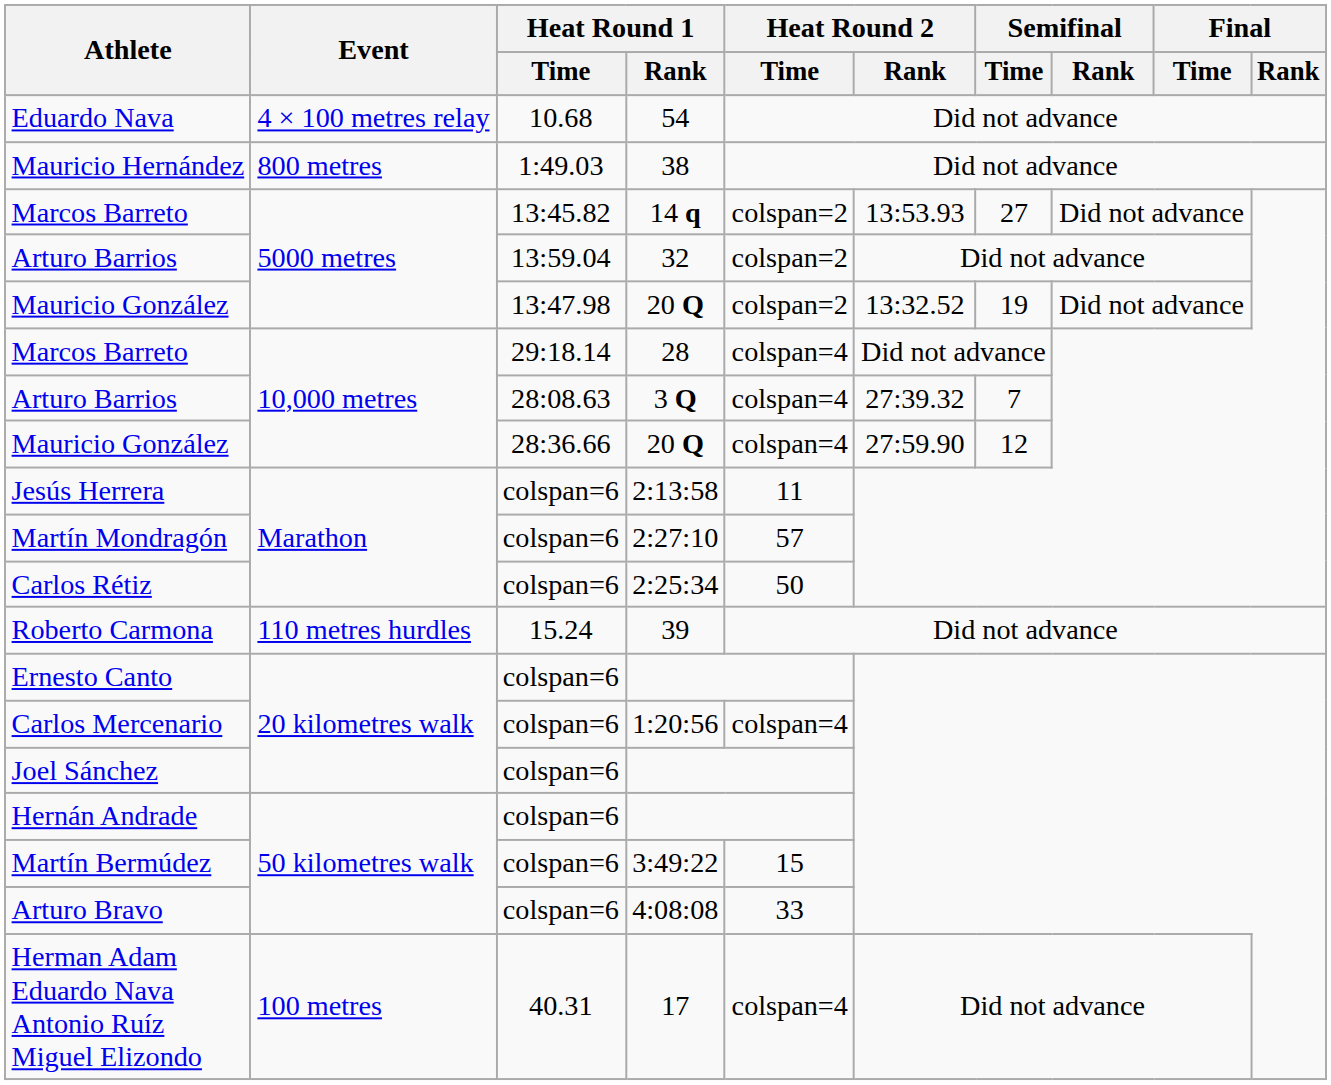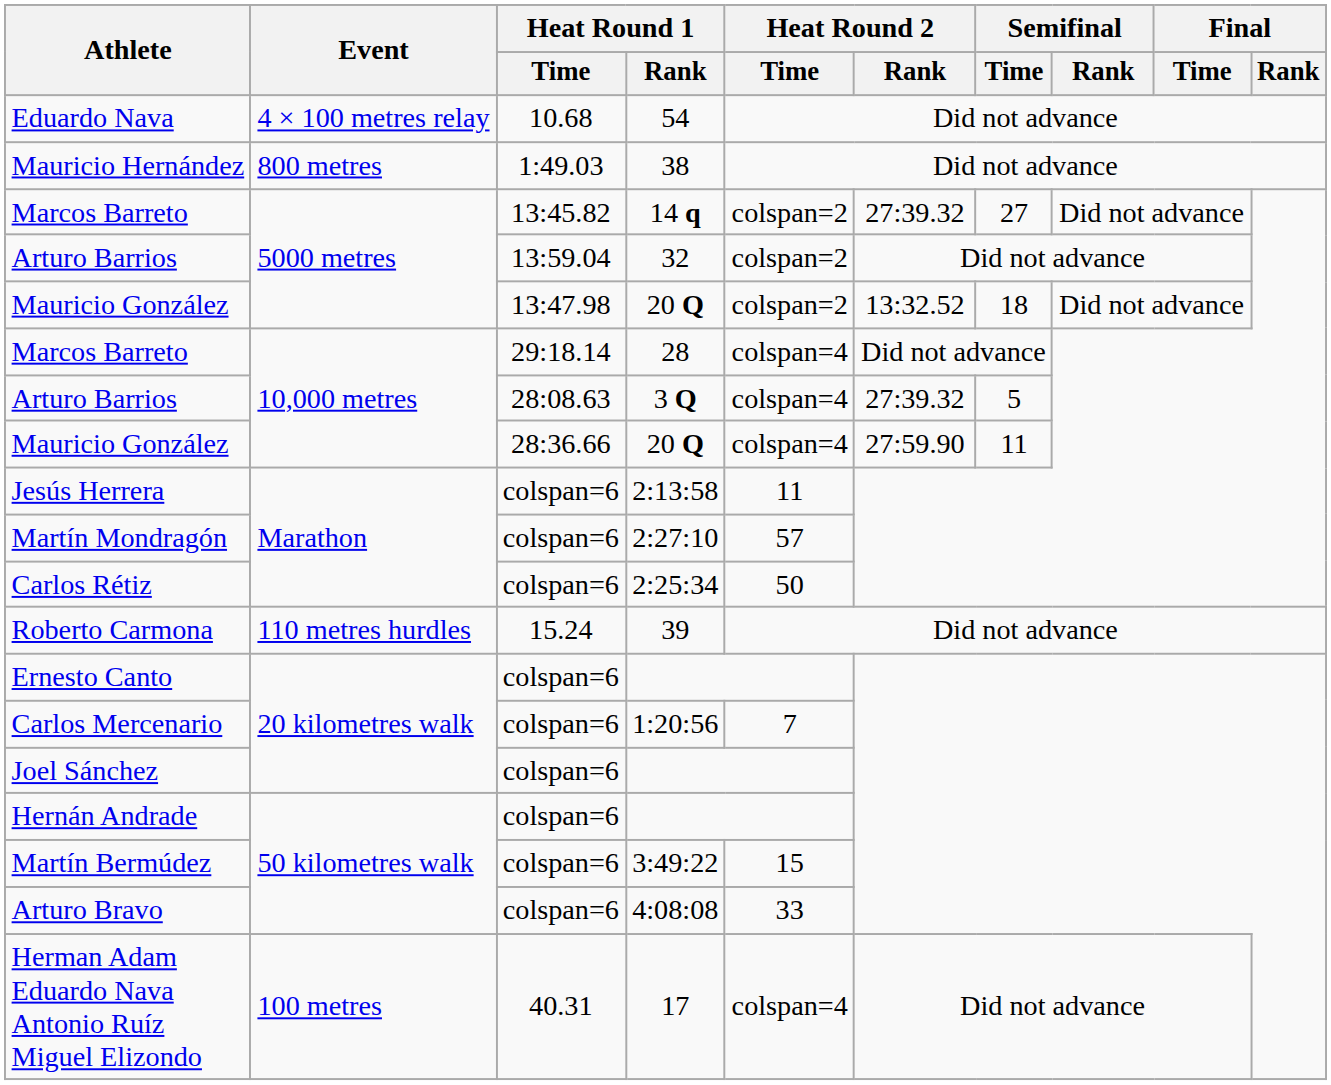 <table class=wikitable style="font-size:90%; text-align:center">
 <tr>
 <th rowspan=2>Athlete</th>
 <th rowspan=2>Event</th>
 <th colspan=2>Heat Round 1</th>
 <th colspan=2>Heat Round 2</th>
 <th colspan=2>Semifinal</th>
 <th colspan=2>Final</th>
 </tr>
 <tr style=font-size:95%>
 <th>Time</th>
 <th>Rank</th>
 <th>Time</th>
 <th>Rank</th>
 <th>Time</th>
 <th>Rank</th>
 <th>Time</th>
 <th>Rank</th>
 </tr>
 <tr align=center>
 <td align=left><a href='#'>Eduardo Nava</a></td>
 <td align=left><a href='#'>4 × 100 metres relay</a></td>
 <td>10.68</td>
 <td>54</td>
 <td colspan=6>Did not advance</td>
 </tr>
 <tr align=center>
 <td align=left><a href='#'>Mauricio Hernández</a></td>
 <td align=left><a href='#'>800 metres</a></td>
 <td>1:49.03</td>
 <td>38</td>
 <td colspan=6>Did not advance</td>
 </tr>
 <tr align=center>
 <td align=left><a href='#'>Marcos Barreto</a></td>
 <td align=left rowspan=3><a href='#'>5000 metres</a></td>
 <td>13:45.82</td>
 <td>14 <strong>q</strong></td>
 <td>colspan=2</td>
-<td>13:53.93</td>
+<td>27:39.32</td>
 <td>27</td>
 <td colspan=2>Did not advance</td>
 </tr>
 <tr align=center>
 <td align=left><a href='#'>Arturo Barrios</a></td>
 <td>13:59.04</td>
 <td>32</td>
 <td>colspan=2</td>
 <td colspan=4>Did not advance</td>
 </tr>
 <tr align=center>
 <td align=left><a href='#'>Mauricio González</a></td>
 <td>13:47.98</td>
 <td>20 <strong>Q</strong></td>
 <td>colspan=2</td>
 <td>13:32.52</td>
-<td>19</td>
+<td>18</td>
 <td colspan=2>Did not advance</td>
 </tr>
 <tr align=center>
 <td align=left><a href='#'>Marcos Barreto</a></td>
 <td align=left rowspan=3><a href='#'>10,000 metres</a></td>
 <td>29:18.14</td>
 <td>28</td>
 <td>colspan=4</td>
 <td colspan=2>Did not advance</td>
 </tr>
 <tr align=center>
 <td align=left><a href='#'>Arturo Barrios</a></td>
 <td>28:08.63</td>
 <td>3 <strong>Q</strong></td>
 <td>colspan=4</td>
 <td>27:39.32</td>
-<td>7</td>
+<td>5</td>
 </tr>
 <tr align=center>
 <td align=left><a href='#'>Mauricio González</a></td>
 <td>28:36.66</td>
 <td>20 <strong>Q</strong></td>
 <td>colspan=4</td>
 <td>27:59.90</td>
-<td>12</td>
+<td>11</td>
 </tr>
 <tr align=center>
 <td align=left><a href='#'>Jesús Herrera</a></td>
 <td align=left rowspan=3><a href='#'>Marathon</a></td>
 <td>colspan=6</td>
 <td>2:13:58</td>
 <td>11</td>
 </tr>
 <tr align=center>
 <td align=left><a href='#'>Martín Mondragón</a></td>
 <td>colspan=6</td>
 <td>2:27:10</td>
 <td>57</td>
 </tr>
 <tr align=center>
 <td align=left><a href='#'>Carlos Rétiz</a></td>
 <td>colspan=6</td>
 <td>2:25:34</td>
 <td>50</td>
 </tr>
 <tr align=center>
 <td align=left><a href='#'>Roberto Carmona</a></td>
 <td align=left><a href='#'>110 metres hurdles</a></td>
 <td>15.24</td>
 <td>39</td>
 <td colspan=6>Did not advance</td>
 </tr>
 <tr align=center>
 <td align=left><a href='#'>Ernesto Canto</a></td>
 <td align=left rowspan=3><a href='#'>20 kilometres walk</a></td>
 <td>colspan=6</td>
 <td colspan=2></td>
 </tr>
 <tr align=center>
 <td align=left><a href='#'>Carlos Mercenario</a></td>
 <td>colspan=6</td>
 <td>1:20:56</td>
-<td>colspan=4</td>
+<td>7</td>
 </tr>
 <tr align=center>
 <td align=left><a href='#'>Joel Sánchez</a></td>
 <td>colspan=6</td>
 <td colspan=2></td>
 </tr>
 <tr align=center>
 <td align=left><a href='#'>Hernán Andrade</a></td>
 <td align=left rowspan=3><a href='#'>50 kilometres walk</a></td>
 <td>colspan=6</td>
 <td colspan=2></td>
 </tr>
 <tr align=center>
 <td align=left><a href='#'>Martín Bermúdez</a></td>
 <td>colspan=6</td>
 <td>3:49:22</td>
 <td>15</td>
 </tr>
 <tr align=center>
 <td align=left><a href='#'>Arturo Bravo</a></td>
 <td>colspan=6</td>
 <td>4:08:08</td>
 <td>33</td>
 </tr>
 <tr align=center>
 <td align=left><a href='#'>Herman Adam</a><br><a href='#'>Eduardo Nava</a><br><a href='#'>Antonio Ruíz</a><br><a href='#'>Miguel Elizondo</a></td>
 <td align=left><a href='#'>100 metres</a></td>
 <td>40.31</td>
 <td>17</td>
 <td>colspan=4</td>
 <td colspan=4>Did not advance</td>
 </tr>
 </table>
